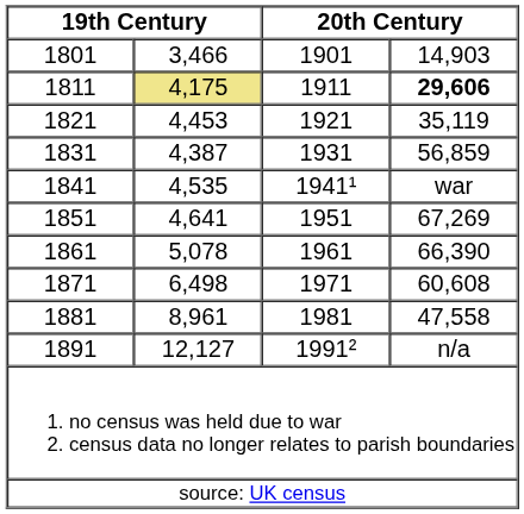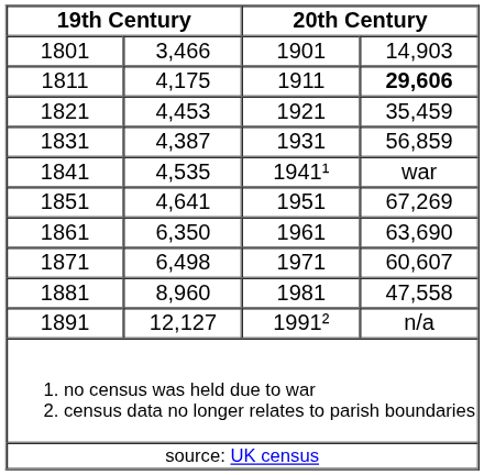 <table border="1" cellspacing="0"  style="float:right; margin-left:10px;">
 <tr>
 <th colspan="2" style="text-align:center;">19th Century</th>
 <th colspan="2" style="text-align:center;">20th Century</th>
 </tr>
 <tr style="text-align:center;">
 <td style="width:25%;">1801</td>
 <td style="text-align:center; width:25%;">3,466</td>
 <td style="text-align:center; width:25%;">1901</td>
 <td style="text-align:center; width:25%;">14,903</td>
 </tr>
 <tr style="text-align:center;">
 <td style="width:25%;">1811</td>
-<td style="background: khaki; text-align:center; width:25%;">4,175</td>
+<td style="text-align:center; width:25%;">4,175</td>
 <td style="text-align:center; width:25%;">1911</td>
 <td style="text-align:center; width:25%;"><strong>29,606</strong></td>
 </tr>
 <tr style="text-align:center;">
 <td style="width:25%;">1821</td>
 <td style="text-align:center; width:25%;">4,453</td>
 <td style="text-align:center; width:25%;">1921</td>
-<td style="text-align:center; width:25%;">35,119</td>
+<td style="text-align:center; width:25%;">35,459</td>
 </tr>
 <tr style="text-align:center;">
 <td style="width:25%;">1831</td>
 <td style="text-align:center; width:25%;">4,387</td>
 <td style="text-align:center; width:25%;">1931</td>
 <td style="text-align:center; width:25%;">56,859</td>
 </tr>
 <tr style="text-align:center;">
 <td style="width:25%;">1841</td>
 <td style="text-align:center; width:25%;">4,535</td>
 <td style="text-align:center; width:25%;">1941¹</td>
 <td style="text-align:center; width:25%;">war</td>
 </tr>
 <tr style="text-align:center;">
 <td style="width:25%;">1851</td>
 <td style="text-align:center; width:25%;">4,641</td>
 <td style="text-align:center; width:25%;">1951</td>
 <td style="text-align:center; width:25%;">67,269</td>
 </tr>
 <tr style="text-align:center;">
 <td style="width:25%;">1861</td>
-<td style="text-align:center; width:25%;">5,078</td>
+<td style="text-align:center; width:25%;">6,350</td>
 <td style="text-align:center; width:25%;">1961</td>
-<td style="text-align:center; width:25%;">66,390</td>
+<td style="text-align:center; width:25%;">63,690</td>
 </tr>
 <tr style="text-align:center;">
 <td style="width:25%;">1871</td>
 <td style="text-align:center; width:25%;">6,498</td>
 <td style="text-align:center; width:25%;">1971</td>
-<td style="text-align:center; width:25%;">60,608</td>
+<td style="text-align:center; width:25%;">60,607</td>
 </tr>
 <tr style="text-align:center;">
 <td style="width:25%;">1881</td>
-<td style="text-align:center; width:25%;">8,961</td>
+<td style="text-align:center; width:25%;">8,960</td>
 <td style="text-align:center; width:25%;">1981</td>
 <td style="text-align:center; width:25%;">47,558</td>
 </tr>
 <tr style="text-align:center;">
 <td style="width:25%;">1891</td>
 <td style="text-align:center; width:25%;">12,127</td>
 <td style="text-align:center; width:25%;">1991²</td>
 <td style="text-align:center; width:25%;">n/a</td>
 </tr>
 <tr>
 <td style="font-size:smaller" colspan=4><br><ol><li>no census was held due to war</li><li>census data no longer relates to parish boundaries</li></ol></td>
 </tr>
 <tr>
 <td colspan="4" style="font-size:smaller; text-align:center;">source: <a href='#'>UK census</a></td>
 </tr>
 </table>
